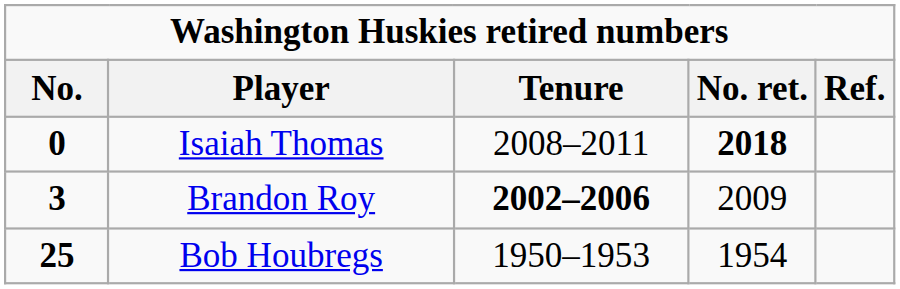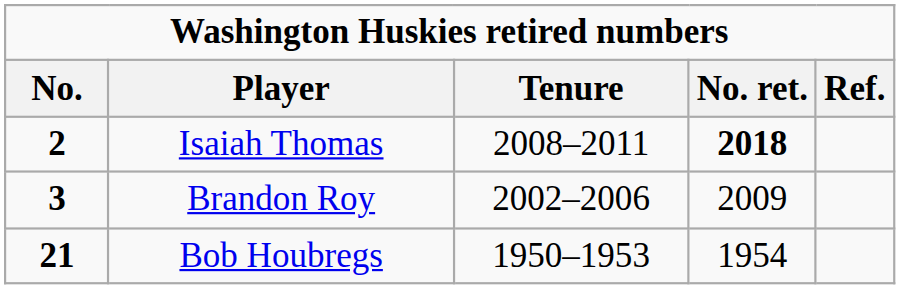 <table class="wikitable sortable" style="text-align:center">
 <tr>
 <td colspan=6><strong>Washington Huskies retired numbers</strong></td>
 </tr>
 <tr>
 <th width=40px>No.</th>
 <th width=150px>Player</th>
 <th width=100px>Tenure</th>
 <th width=px>No. ret.</th>
 <th width=px>Ref.</th>
 </tr>
 <tr>
-<td><strong>0</strong></td>
+<td><strong>2</strong></td>
 <td><a href='#'>Isaiah Thomas</a></td>
 <td>2008–2011</td>
 <td><strong>2018</strong></td>
 <td></td>
 </tr>
 <tr>
 <td><strong>3</strong></td>
 <td><a href='#'>Brandon Roy</a></td>
-<td><strong>2002–2006</strong></td>
+<td>2002–2006</td>
 <td>2009</td>
 <td></td>
 </tr>
 <tr>
-<td><strong>25</strong></td>
+<td><strong>21</strong></td>
 <td><a href='#'>Bob Houbregs</a></td>
 <td>1950–1953</td>
 <td>1954</td>
 <td></td>
 </tr>
 </table>
